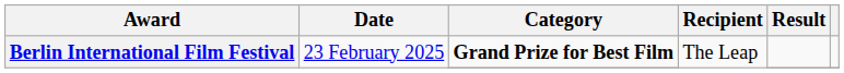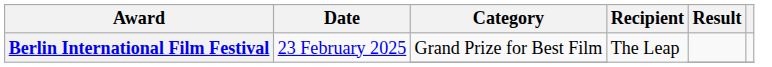 <table class="wikitable sortable plainrowheaders">
 <tr>
 <th>Award</th>
 <th>Date</th>
 <th>Category</th>
 <th>Recipient</th>
 <th>Result</th>
 <th></th>
 </tr>
 <tr>
 <th scope="row" rowspan="2"><a href='#'>Berlin International Film Festival</a></th>
 <td rowspan="2"><a href='#'>23 February 2025</a></td>
-<td><strong>Grand Prize for Best Film</strong></td>
+<td>Grand Prize for Best Film</td>
 <td rowspan="2">The Leap</td>
 <td></td>
 <td align="center" rowspan="1"></td>
 </tr>
 <tr>
 </tr>
 </table>
